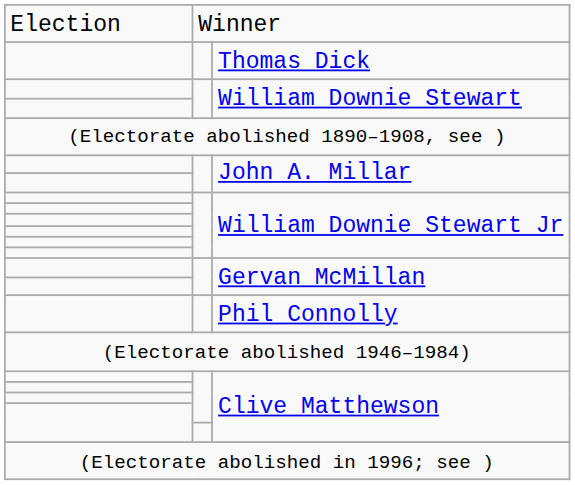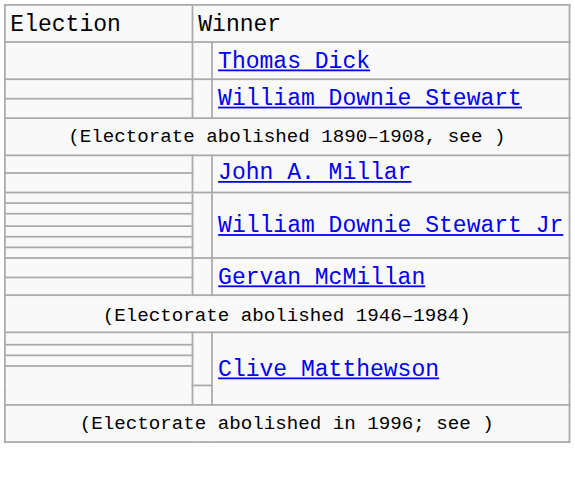 <table class=wikitable>
 <tr>
 <td width=100>Election</td>
 <td width=175 colspan=2>Winner</td>
 </tr>
 <tr>
 <td></td>
 <td width=5 bgcolor=></td>
 <td><a href='#'>Thomas Dick</a></td>
 </tr>
 <tr>
 <td></td>
 <td rowspan=2 bgcolor=></td>
 <td rowspan=2><a href='#'>William Downie Stewart</a></td>
 </tr>
 <tr>
 <td></td>
 </tr>
 <tr>
 <td colspan=3 align=center><small>(Electorate abolished 1890–1908, see )</small></td>
 </tr>
 <tr>
 <td></td>
 <td rowspan=2 bgcolor=></td>
 <td rowspan=2><a href='#'>John A. Millar</a></td>
 </tr>
 <tr>
 <td></td>
 </tr>
 <tr>
 <td></td>
 <td rowspan=6 bgcolor=></td>
 <td rowspan=6><a href='#'>William Downie Stewart Jr</a></td>
 </tr>
 <tr>
 <td></td>
 </tr>
 <tr>
 <td></td>
 </tr>
 <tr>
 <td></td>
 </tr>
 <tr>
 <td></td>
 </tr>
 <tr>
 <td></td>
 </tr>
 <tr>
 <td></td>
 <td rowspan=2 bgcolor=></td>
 <td rowspan=2><a href='#'>Gervan McMillan</a></td>
 </tr>
 <tr>
 <td></td>
 </tr>
 <tr>
-<td></td>
-<td bgcolor=></td>
-<td><a href='#'>Phil Connolly</a></td>
-</tr>
-<tr>
 <td colspan=3 align=center><small>(Electorate abolished 1946–1984)</small></td>
 </tr>
 <tr>
 <td></td>
 <td rowspan=3 style="border-bottom:solid 0 grey; background:"></td>
 <td rowspan=5><a href='#'>Clive Matthewson</a></td>
 </tr>
 <tr>
 <td></td>
 </tr>
 <tr>
 <td></td>
 </tr>
 <tr>
 <td rowspan=2></td>
 <td height=5 style="border-top:solid 0 grey; background:"></td>
 </tr>
 <tr>
 <td height=5 style="border-top:solid 0 grey; background:"></td>
 </tr>
 <tr>
 <td colspan=3 align=center><small>(Electorate abolished in 1996; see )</small></td>
 </tr>
 </table>
